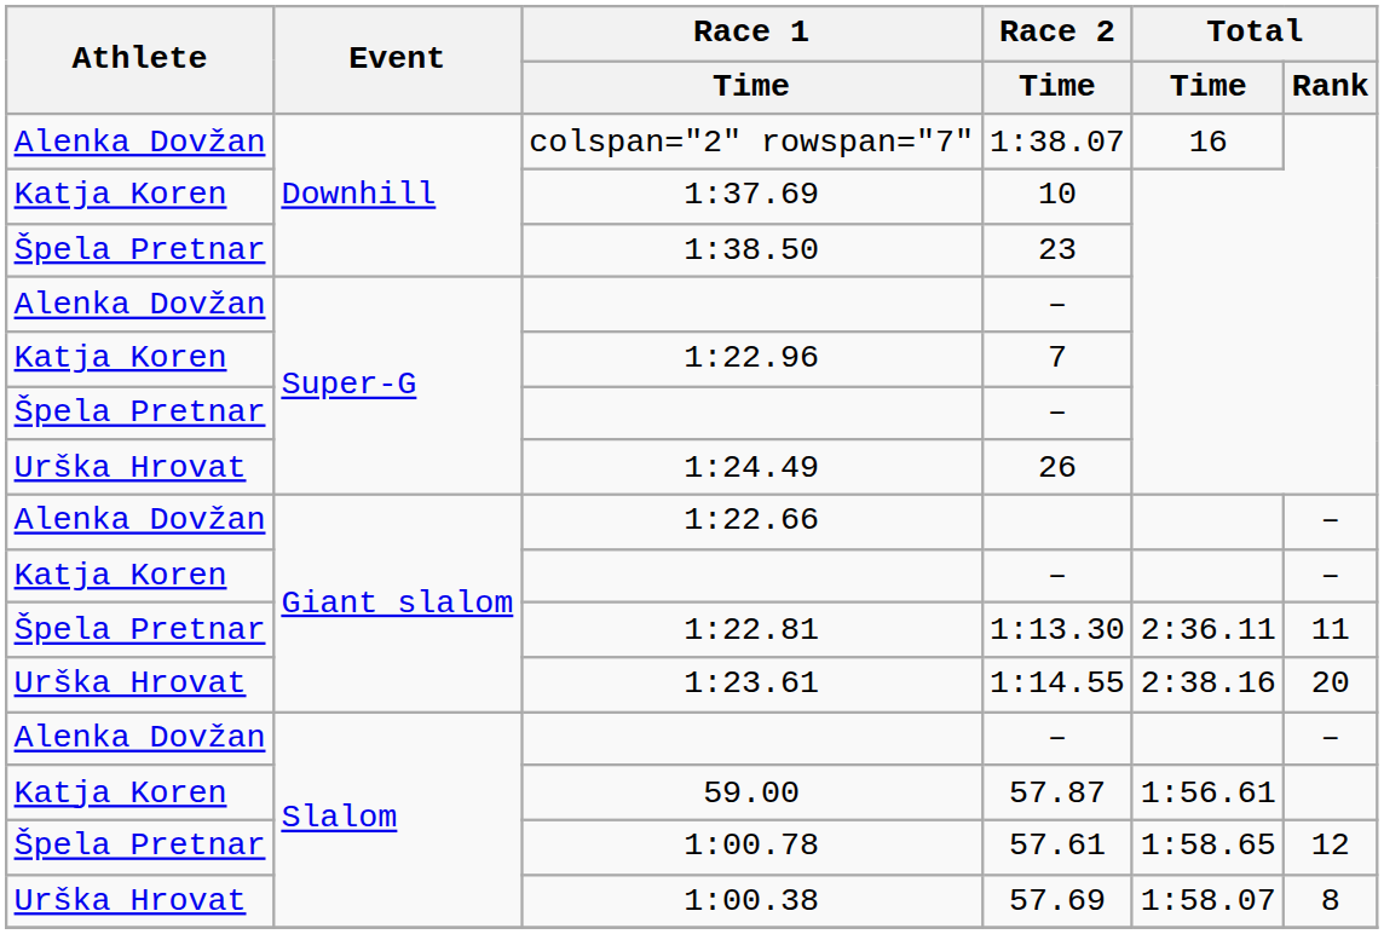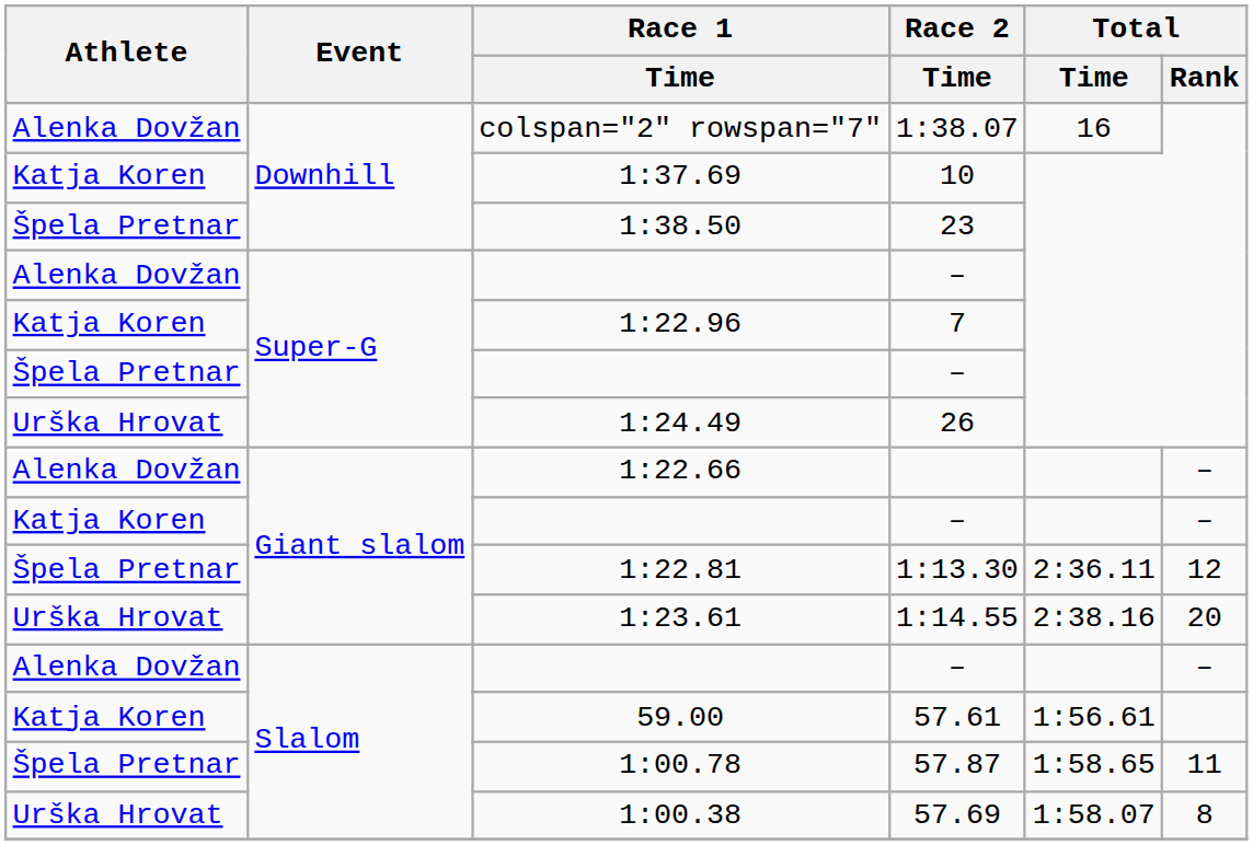 <table class="wikitable" style="font-size:90%">
 <tr>
 <th rowspan="2">Athlete</th>
 <th rowspan="2">Event</th>
 <th>Race 1</th>
 <th>Race 2</th>
 <th colspan="2">Total</th>
 </tr>
 <tr>
 <th>Time</th>
 <th>Time</th>
 <th>Time</th>
 <th>Rank</th>
 </tr>
 <tr>
 <td><a href='#'>Alenka Dovžan</a></td>
 <td rowspan="3"><a href='#'>Downhill</a></td>
 <td>colspan="2" rowspan="7" </td>
 <td align="center">1:38.07</td>
 <td align="center">16</td>
 </tr>
 <tr>
 <td><a href='#'>Katja Koren</a></td>
 <td align="center">1:37.69</td>
 <td align="center">10</td>
 </tr>
 <tr>
 <td><a href='#'>Špela Pretnar</a></td>
 <td align="center">1:38.50</td>
 <td align="center">23</td>
 </tr>
 <tr>
 <td><a href='#'>Alenka Dovžan</a></td>
 <td rowspan="4"><a href='#'>Super-G</a></td>
 <td align="center"></td>
 <td align="center">–</td>
 </tr>
 <tr>
 <td><a href='#'>Katja Koren</a></td>
 <td align="center">1:22.96</td>
 <td align="center">7</td>
 </tr>
 <tr>
 <td><a href='#'>Špela Pretnar</a></td>
 <td align="center"></td>
 <td align="center">–</td>
 </tr>
 <tr>
 <td><a href='#'>Urška Hrovat</a></td>
 <td align="center">1:24.49</td>
 <td align="center">26</td>
 </tr>
 <tr>
 <td><a href='#'>Alenka Dovžan</a></td>
 <td rowspan="4"><a href='#'>Giant slalom</a></td>
 <td align="center">1:22.66</td>
 <td align="center"></td>
 <td align="center"></td>
 <td align="center">–</td>
 </tr>
 <tr>
 <td><a href='#'>Katja Koren</a></td>
 <td align="center"></td>
 <td align="center">–</td>
 <td align="center"></td>
 <td align="center">–</td>
 </tr>
 <tr>
 <td><a href='#'>Špela Pretnar</a></td>
 <td align="center">1:22.81</td>
 <td align="center">1:13.30</td>
 <td align="center">2:36.11</td>
-<td align="center">11</td>
+<td align="center">12</td>
 </tr>
 <tr>
 <td><a href='#'>Urška Hrovat</a></td>
 <td align="center">1:23.61</td>
 <td align="center">1:14.55</td>
 <td align="center">2:38.16</td>
 <td align="center">20</td>
 </tr>
 <tr>
 <td><a href='#'>Alenka Dovžan</a></td>
 <td rowspan="4"><a href='#'>Slalom</a></td>
 <td align="center"></td>
 <td align="center">–</td>
 <td align="center"></td>
 <td align="center">–</td>
 </tr>
 <tr>
 <td><a href='#'>Katja Koren</a></td>
 <td align="center">59.00</td>
-<td align="center">57.87</td>
+<td align="center">57.61</td>
 <td align="center">1:56.61</td>
 <td align="center"></td>
 </tr>
 <tr>
 <td><a href='#'>Špela Pretnar</a></td>
 <td align="center">1:00.78</td>
-<td align="center">57.61</td>
+<td align="center">57.87</td>
 <td align="center">1:58.65</td>
-<td align="center">12</td>
+<td align="center">11</td>
 </tr>
 <tr>
 <td><a href='#'>Urška Hrovat</a></td>
 <td align="center">1:00.38</td>
 <td align="center">57.69</td>
 <td align="center">1:58.07</td>
 <td align="center">8</td>
 </tr>
 <tr>
 </tr>
 </table>
